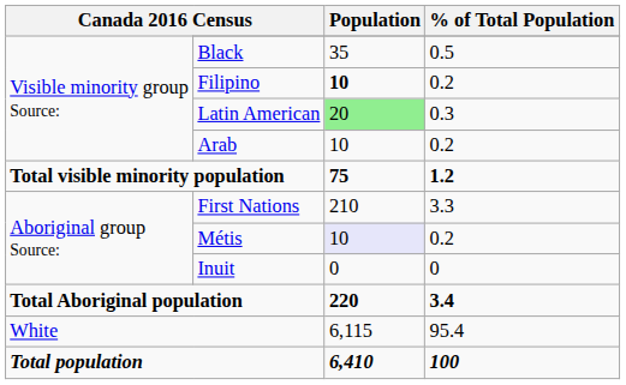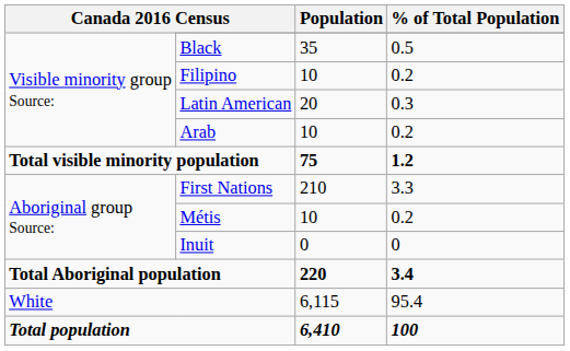 <table class="wikitable">
 <tr>
 <th colspan="2">Canada 2016 Census</th>
 <th>Population</th>
 <th>% of Total Population</th>
 </tr>
 <tr>
 <td rowspan="5"><a href='#'>Visible minority</a> group<br><small>Source:</small></td>
 </tr>
 <tr>
 <td><a href='#'>Black</a></td>
 <td>35</td>
 <td>0.5</td>
 </tr>
 <tr>
 <td><a href='#'>Filipino</a></td>
-<td><strong>10</strong></td>
+<td>10</td>
 <td>0.2</td>
 </tr>
 <tr>
 <td><a href='#'>Latin American</a></td>
-<td style="background: lightgreen;">20</td>
+<td>20</td>
 <td>0.3</td>
 </tr>
 <tr>
 <td><a href='#'>Arab</a></td>
 <td>10</td>
 <td>0.2</td>
 </tr>
 <tr>
 <td colspan="2"><strong>Total visible minority population</strong></td>
 <td><strong>75</strong></td>
 <td><strong>1.2</strong></td>
 </tr>
 <tr>
 <td rowspan="3"><a href='#'>Aboriginal</a> group<br><small>Source:</small></td>
 <td><a href='#'>First Nations</a></td>
 <td>210</td>
 <td>3.3</td>
 </tr>
 <tr>
 <td><a href='#'>Métis</a></td>
-<td style="background: lavender;">10</td>
+<td>10</td>
 <td>0.2</td>
 </tr>
 <tr>
 <td><a href='#'>Inuit</a></td>
 <td>0</td>
 <td>0</td>
 </tr>
 <tr>
 <td colspan="2"><strong>Total Aboriginal population</strong></td>
 <td><strong>220</strong></td>
 <td><strong>3.4</strong></td>
 </tr>
 <tr>
 <td colspan="2"><a href='#'>White</a></td>
 <td>6,115</td>
 <td>95.4</td>
 </tr>
 <tr>
 <td colspan="2"><strong><em>Total population</em></strong></td>
 <td><strong><em>6,410</em></strong></td>
 <td><strong><em>100</em></strong></td>
 </tr>
 </table>
